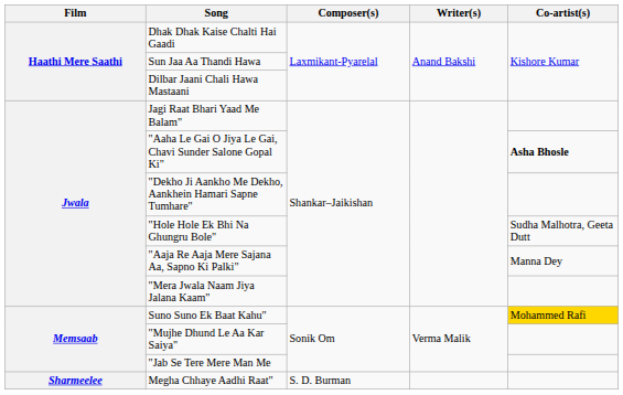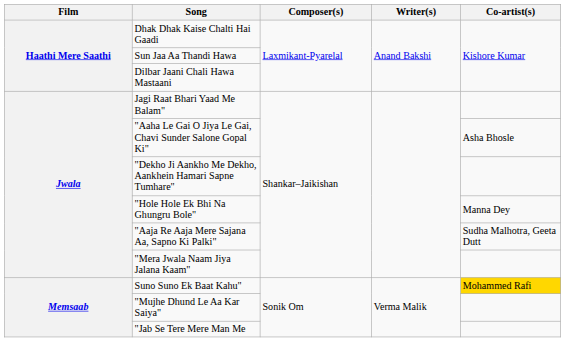 <table class="wikitable plainrowheaders" style="width:100%; textcolor:#000">
 <tr style="background:#b0e0e66;">
 <th scope="col" style="width:23%;"><strong>Film</strong></th>
 <th scope="col" style="width:23%;"><strong>Song</strong></th>
 <th scope="col" style="width:20%;"><strong>Composer(s)</strong></th>
 <th scope="col" style="width:16%;"><strong>Writer(s)</strong></th>
 <th scope="col" style="width:18%;"><strong>Co-artist(s)</strong></th>
 </tr>
 <tr>
 <th rowspan="3"><a href='#'>Haathi Mere Saathi</a></th>
 <td>Dhak Dhak Kaise Chalti Hai Gaadi</td>
 <td rowspan="3"><a href='#'>Laxmikant-Pyarelal</a></td>
 <td rowspan="3"><a href='#'>Anand Bakshi</a></td>
 <td rowspan="3"><a href='#'>Kishore Kumar</a></td>
 </tr>
 <tr>
 <td>Sun Jaa Aa Thandi Hawa</td>
 </tr>
 <tr>
 <td>Dilbar Jaani Chali Hawa Mastaani</td>
 </tr>
 <tr>
 <th Rowspan=6><em><a href='#'>Jwala</a></em></th>
 <td>Jagi Raat Bhari Yaad Me Balam"</td>
 <td rowspan=6>Shankar–Jaikishan</td>
 <td rowspan=6></td>
 <td></td>
 </tr>
 <tr>
 <td>"Aaha Le Gai O Jiya Le Gai, Chavi Sunder Salone Gopal Ki"</td>
-<td><strong>Asha Bhosle</strong></td>
+<td>Asha Bhosle</td>
 </tr>
 <tr>
 <td>"Dekho Ji Aankho Me Dekho, Aankhein Hamari Sapne Tumhare"</td>
 <td></td>
 </tr>
 <tr>
 <td>"Hole Hole Ek Bhi Na Ghungru Bole"</td>
-<td>Sudha Malhotra, Geeta Dutt</td>
+<td>Manna Dey</td>
 </tr>
 <tr>
 <td>"Aaja Re Aaja Mere Sajana Aa, Sapno Ki Palki"</td>
-<td>Manna Dey</td>
+<td>Sudha Malhotra, Geeta Dutt</td>
 </tr>
 <tr>
 <td>"Mera Jwala Naam Jiya Jalana Kaam"</td>
 <td></td>
 </tr>
 <tr>
 <th Rowspan=3><em><a href='#'>Memsaab</a></em></th>
 <td>Suno Suno Ek Baat Kahu"</td>
 <td rowspan=3>Sonik Om</td>
 <td rowspan=3>Verma Malik</td>
 <td style="background: gold;">Mohammed Rafi</td>
 </tr>
 <tr>
 <td>"Mujhe Dhund Le Aa Kar Saiya"</td>
 <td></td>
 </tr>
 <tr>
 <td>"Jab Se Tere Mere Man Me</td>
 <td></td>
 </tr>
-<tr>
-<th><em><a href='#'>Sharmeelee</a></em></th>
-<td>Megha Chhaye Aadhi Raat"</td>
-<td>S. D. Burman</td>
-<td></td>
-<td></td>
-</tr>
 </table>
